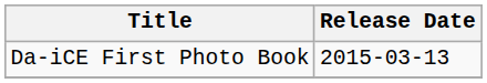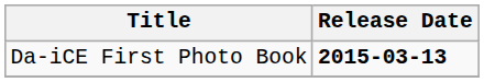 <table class="wikitable" style="font-size:small">
 <tr>
 <th>Title</th>
 <th>Release Date</th>
 </tr>
 <tr>
 <td>Da-iCE First Photo Book</td>
-<td>2015-03-13</td>
+<td><strong>2015-03-13</strong></td>
 </tr>
 <tr>
 </tr>
 </table>
